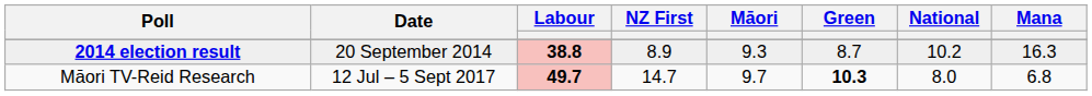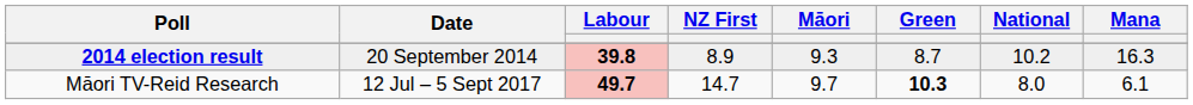 <table class="wikitable" style="font-size:90%; line-height:14px; text-align:center">
 <tr>
 <th style="width:240px;" rowspan="2">Poll</th>
 <th style="width:160px;" rowspan="2">Date </th>
 <th style="width:70px;" r bgcolor=><a href='#'>Labour</a></th>
 <th style="width:70px;" r bgcolor=><a href='#'>NZ First</a></th>
 <th style="width:70px;" r bgcolor=><a href='#'>Māori</a></th>
 <th style="width:70px;" r bgcolor=><a href='#'>Green</a></th>
 <th style="width:70px;" r bgcolor=><a href='#'>National</a></th>
 <th style="width:70px;" r bgcolor=><a href='#'>Mana</a></th>
 </tr>
 <tr>
 <th class="unsortable" style="color:inherit;background:"></th>
 <th class="unsortable" style="color:inherit;background:"></th>
 <th class="unsortable" style="color:inherit;background:"></th>
 <th class="unsortable" style="color:inherit;background:"></th>
 <th class="unsortable" style="color:inherit;background:"></th>
 <th class="unsortable" style="color:inherit;background:"></th>
 </tr>
 <tr>
 </tr>
 <tr style="background:#EFEFEF; font-weight:italic;">
 <td><strong><a href='#'>2014 election result</a></strong></td>
 <td>20 September 2014</td>
-<td style="background:#F8C1BE"><strong>38.8</strong></td>
+<td style="background:#F8C1BE"><strong>39.8</strong></td>
 <td>8.9</td>
 <td>9.3</td>
 <td>8.7</td>
 <td>10.2</td>
 <td>16.3</td>
 </tr>
 <tr>
 <td>Māori TV-Reid Research</td>
 <td>12 Jul – 5 Sept 2017</td>
 <td style="background:#F8C1BE"><strong>49.7</strong></td>
 <td>14.7</td>
 <td>9.7</td>
 <td><strong>10.3</strong></td>
 <td>8.0</td>
-<td>6.8</td>
+<td>6.1</td>
 </tr>
 </table>
